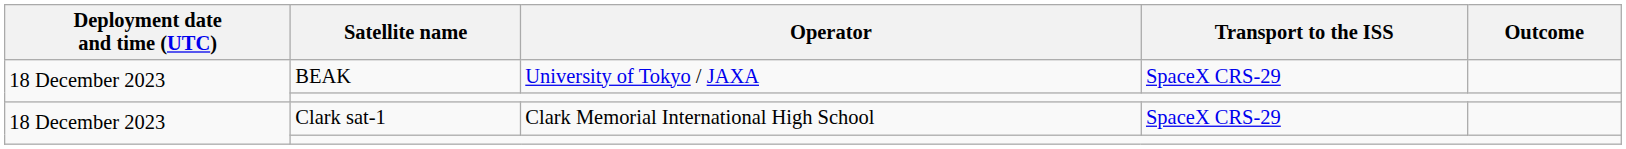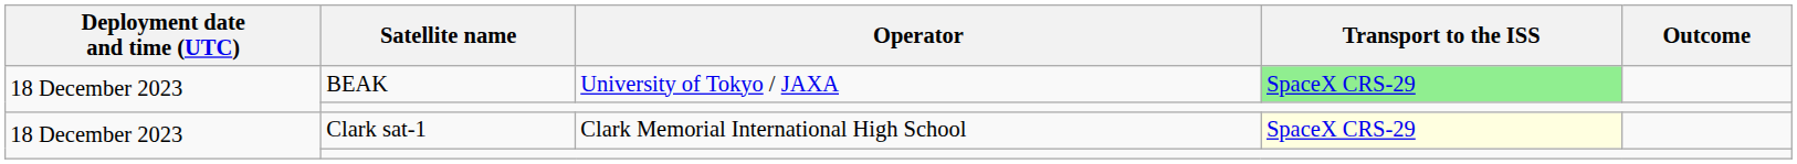 <table class="wikitable" style="width: 100%;">
 <tr>
 <th scope="col">Deployment date<br>and time (<a href='#'>UTC</a>)</th>
 <th scope="col">Satellite name</th>
 <th scope="col">Operator</th>
 <th scope="col">Transport to the ISS</th>
 <th scope="col">Outcome</th>
 </tr>
 <tr>
 <td rowspan=2>18 December 2023</td>
 <td> BEAK</td>
 <td><a href='#'>University of Tokyo</a> / <a href='#'>JAXA</a></td>
-<td><a href='#'>SpaceX CRS-29</a></td>
+<td style="background: lightgreen;"><a href='#'>SpaceX CRS-29</a></td>
 <td></td>
 </tr>
 <tr>
 <td colspan=4></td>
 </tr>
 <tr>
 <td rowspan=2>18 December 2023</td>
 <td> Clark sat-1</td>
 <td>Clark Memorial International High School</td>
-<td><a href='#'>SpaceX CRS-29</a></td>
+<td style="background: lightyellow;"><a href='#'>SpaceX CRS-29</a></td>
 <td></td>
 </tr>
 <tr>
 <td colspan=4></td>
 </tr>
 </table>
